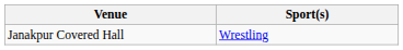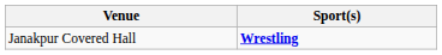 <table class="wikitable sortable" style="width:500px;">
 <tr>
 <th width="36%">Venue</th>
 <th width="31%">Sport(s)</th>
 </tr>
 <tr>
 <td>Janakpur Covered Hall</td>
-<td><a href='#'>Wrestling</a></td>
+<td><strong><a href='#'>Wrestling</a></strong></td>
 </tr>
 </table>
